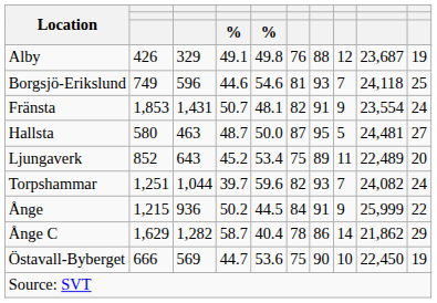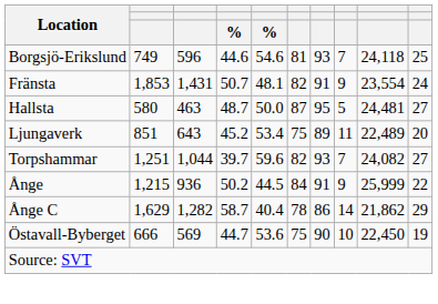 <table role="presentation" class="wikitable sortable mw-collapsible">
 <tr>
 <th rowspan="3">Location</th>
 <th></th>
 <th></th>
 <th></th>
 <th></th>
 <th></th>
 <th></th>
 <th></th>
 <th></th>
 <th></th>
 </tr>
 <tr>
 <th></th>
 <th></th>
 <th style="background:"></th>
 <th style="background:"></th>
 <th></th>
 <th></th>
 <th></th>
 <th></th>
 <th></th>
 </tr>
 <tr>
 <th data-sort-type="number"></th>
 <th data-sort-type="number"></th>
 <th data-sort-type="number">%</th>
 <th data-sort-type="number">%</th>
 <th data-sort-type="number"></th>
 <th data-sort-type="number"></th>
 <th data-sort-type="number"></th>
 <th data-sort-type="number"></th>
 <th data-sort-type="number"></th>
-</tr>
-<tr>
-<td align="left">Alby</td>
-<td>426</td>
-<td>329</td>
-<td>49.1</td>
-<td>49.8</td>
-<td>76</td>
-<td>88</td>
-<td>12</td>
-<td>23,687</td>
-<td>19</td>
 </tr>
 <tr>
 <td align="left">Borgsjö-Erikslund</td>
 <td>749</td>
 <td>596</td>
 <td>44.6</td>
 <td>54.6</td>
 <td>81</td>
 <td>93</td>
 <td>7</td>
 <td>24,118</td>
 <td>25</td>
 </tr>
 <tr>
 <td align="left">Fränsta</td>
 <td>1,853</td>
 <td>1,431</td>
 <td>50.7</td>
 <td>48.1</td>
 <td>82</td>
 <td>91</td>
 <td>9</td>
 <td>23,554</td>
 <td>24</td>
 </tr>
 <tr>
 <td align="left">Hallsta</td>
 <td>580</td>
 <td>463</td>
 <td>48.7</td>
 <td>50.0</td>
 <td>87</td>
 <td>95</td>
 <td>5</td>
 <td>24,481</td>
 <td>27</td>
 </tr>
 <tr>
 <td align="left">Ljungaverk</td>
-<td>852</td>
+<td>851</td>
 <td>643</td>
 <td>45.2</td>
 <td>53.4</td>
 <td>75</td>
 <td>89</td>
 <td>11</td>
 <td>22,489</td>
 <td>20</td>
 </tr>
 <tr>
 <td align="left">Torpshammar</td>
 <td>1,251</td>
 <td>1,044</td>
 <td>39.7</td>
 <td>59.6</td>
 <td>82</td>
 <td>93</td>
 <td>7</td>
 <td>24,082</td>
-<td>24</td>
+<td>27</td>
 </tr>
 <tr>
 <td align="left">Ånge</td>
 <td>1,215</td>
 <td>936</td>
 <td>50.2</td>
 <td>44.5</td>
 <td>84</td>
 <td>91</td>
 <td>9</td>
 <td>25,999</td>
 <td>22</td>
 </tr>
 <tr>
 <td align="left">Ånge C</td>
 <td>1,629</td>
 <td>1,282</td>
 <td>58.7</td>
 <td>40.4</td>
 <td>78</td>
 <td>86</td>
 <td>14</td>
 <td>21,862</td>
 <td>29</td>
 </tr>
 <tr>
 <td align="left">Östavall-Byberget</td>
 <td>666</td>
 <td>569</td>
 <td>44.7</td>
 <td>53.6</td>
 <td>75</td>
 <td>90</td>
 <td>10</td>
 <td>22,450</td>
 <td>19</td>
 </tr>
 <tr>
 <td colspan="10" align="left">Source: <a href='#'>SVT</a></td>
 </tr>
 </table>
